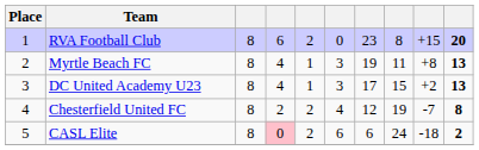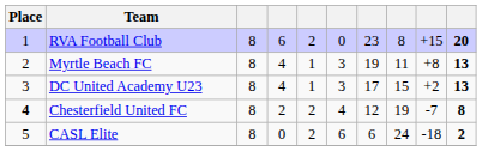 <table class="wikitable" style="text-align: center;">
 <tr>
 <th>Place</th>
 <th width="200">Team</th>
 <th width="25"></th>
 <th width="25"></th>
 <th width="25"></th>
 <th width="25"></th>
 <th width="25"></th>
 <th width="25"></th>
 <th width="25"></th>
 <th width="25"></th>
 </tr>
 <tr bgcolor=#ccccff>
 <td>1</td>
 <td align=left><a href='#'>RVA Football Club</a></td>
 <td>8</td>
 <td>6</td>
 <td>2</td>
 <td>0</td>
 <td>23</td>
 <td>8</td>
 <td>+15</td>
 <td><strong>20</strong></td>
 </tr>
 <tr>
 <td>2</td>
 <td align=left><a href='#'>Myrtle Beach FC</a></td>
 <td>8</td>
 <td>4</td>
 <td>1</td>
 <td>3</td>
 <td>19</td>
 <td>11</td>
 <td>+8</td>
 <td><strong>13</strong></td>
 </tr>
 <tr>
 <td>3</td>
 <td align=left><a href='#'>DC United Academy U23</a></td>
 <td>8</td>
 <td>4</td>
 <td>1</td>
 <td>3</td>
 <td>17</td>
 <td>15</td>
 <td>+2</td>
 <td><strong>13</strong></td>
 </tr>
 <tr>
-<td>4</td>
+<td><strong>4</strong></td>
 <td align=left><a href='#'>Chesterfield United FC</a></td>
 <td>8</td>
 <td>2</td>
 <td>2</td>
 <td>4</td>
 <td>12</td>
 <td>19</td>
 <td>-7</td>
 <td><strong>8</strong></td>
 </tr>
 <tr>
 <td>5</td>
 <td align=left><a href='#'>CASL Elite</a></td>
 <td>8</td>
-<td style="background: pink;">0</td>
+<td>0</td>
 <td>2</td>
 <td>6</td>
 <td>6</td>
 <td>24</td>
 <td>-18</td>
 <td><strong>2</strong></td>
 </tr>
 <tr>
 </tr>
 </table>
